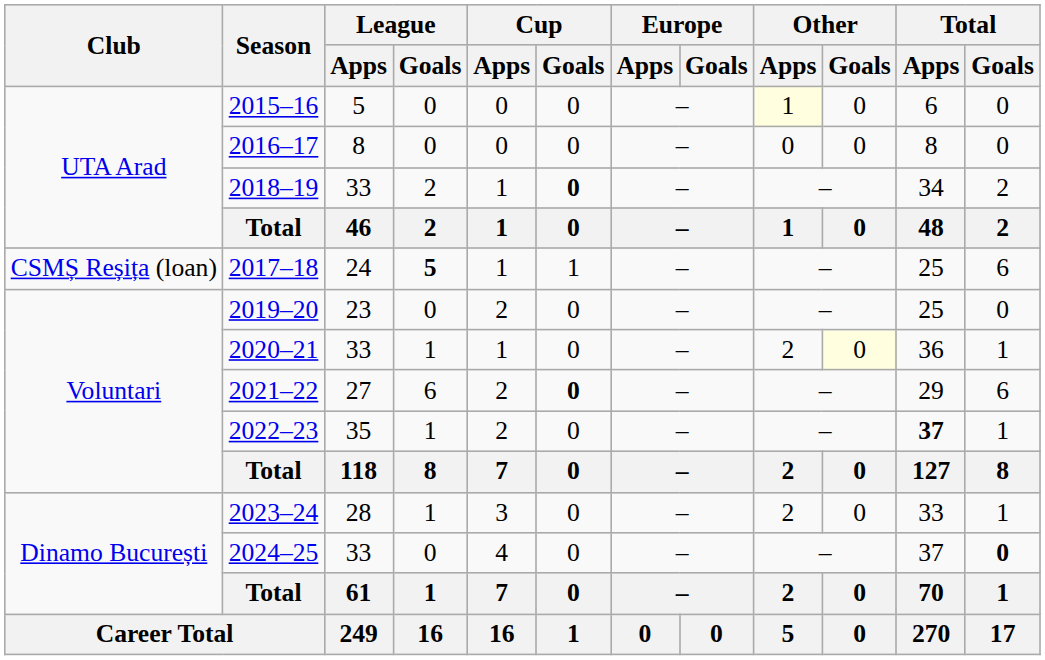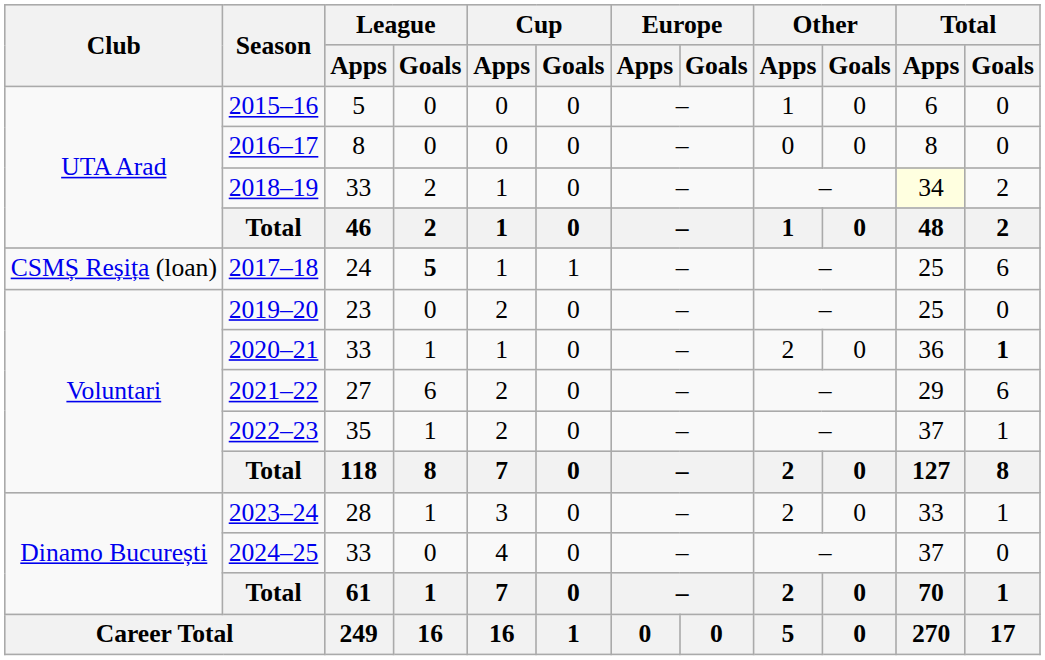 <table class="wikitable" style="text-align:center">
 <tr>
 <th rowspan="2">Club</th>
 <th rowspan="2">Season</th>
 <th colspan="2">League</th>
 <th colspan="2">Cup</th>
 <th colspan="2">Europe</th>
 <th colspan="2">Other</th>
 <th colspan="2">Total</th>
 </tr>
 <tr>
 <th>Apps</th>
 <th>Goals</th>
 <th>Apps</th>
 <th>Goals</th>
 <th>Apps</th>
 <th>Goals</th>
 <th>Apps</th>
 <th>Goals</th>
 <th>Apps</th>
 <th>Goals</th>
 </tr>
 <tr>
 <td rowspan="4"><a href='#'>UTA Arad</a></td>
 <td><a href='#'>2015–16</a></td>
 <td>5</td>
 <td>0</td>
 <td>0</td>
 <td>0</td>
 <td colspan="2">–</td>
-<td style="background: lightyellow;">1</td>
+<td>1</td>
 <td>0</td>
 <td>6</td>
 <td>0</td>
 </tr>
 <tr>
 <td><a href='#'>2016–17</a></td>
 <td>8</td>
 <td>0</td>
 <td>0</td>
 <td>0</td>
 <td colspan="2">–</td>
 <td>0</td>
 <td>0</td>
 <td>8</td>
 <td>0</td>
 </tr>
 <tr>
 <td><a href='#'>2018–19</a></td>
 <td>33</td>
 <td>2</td>
 <td>1</td>
-<td><strong>0</strong></td>
+<td>0</td>
 <td colspan="2">–</td>
 <td colspan="2">–</td>
-<td>34</td>
+<td style="background: lightyellow;">34</td>
 <td>2</td>
 </tr>
 <tr>
 <th>Total</th>
 <th>46</th>
 <th>2</th>
 <th>1</th>
 <th>0</th>
 <th colspan="2">–</th>
 <th>1</th>
 <th>0</th>
 <th>48</th>
 <th>2</th>
 </tr>
 <tr>
 <td rowspan="1"><a href='#'>CSMȘ Reșița</a> (loan)</td>
 <td><a href='#'>2017–18</a></td>
 <td>24</td>
 <td><strong>5</strong></td>
 <td>1</td>
 <td>1</td>
 <td colspan="2">–</td>
 <td colspan="2">–</td>
 <td>25</td>
 <td>6</td>
 </tr>
 <tr>
 <td rowspan="5"><a href='#'>Voluntari</a></td>
 <td><a href='#'>2019–20</a></td>
 <td>23</td>
 <td>0</td>
 <td>2</td>
 <td>0</td>
 <td colspan="2">–</td>
 <td colspan="2">–</td>
 <td>25</td>
 <td>0</td>
 </tr>
 <tr>
 <td><a href='#'>2020–21</a></td>
 <td>33</td>
 <td>1</td>
 <td>1</td>
 <td>0</td>
 <td colspan="2">–</td>
 <td>2</td>
-<td style="background: lightyellow;">0</td>
+<td>0</td>
 <td>36</td>
-<td>1</td>
+<td><strong>1</strong></td>
 </tr>
 <tr>
 <td><a href='#'>2021–22</a></td>
 <td>27</td>
 <td>6</td>
 <td>2</td>
-<td><strong>0</strong></td>
+<td>0</td>
 <td colspan="2">–</td>
 <td colspan="2">–</td>
 <td>29</td>
 <td>6</td>
 </tr>
 <tr>
 <td><a href='#'>2022–23</a></td>
 <td>35</td>
 <td>1</td>
 <td>2</td>
 <td>0</td>
 <td colspan="2">–</td>
 <td colspan="2">–</td>
-<td><strong>37</strong></td>
+<td>37</td>
 <td>1</td>
 </tr>
 <tr>
 <th>Total</th>
 <th>118</th>
 <th>8</th>
 <th>7</th>
 <th>0</th>
 <th colspan="2">–</th>
 <th>2</th>
 <th>0</th>
 <th>127</th>
 <th>8</th>
 </tr>
 <tr>
 <td rowspan="3"><a href='#'>Dinamo București</a></td>
 <td><a href='#'>2023–24</a></td>
 <td>28</td>
 <td>1</td>
 <td>3</td>
 <td>0</td>
 <td colspan="2">–</td>
 <td>2</td>
 <td>0</td>
 <td>33</td>
 <td>1</td>
 </tr>
 <tr>
 <td><a href='#'>2024–25</a></td>
 <td>33</td>
 <td>0</td>
 <td>4</td>
 <td>0</td>
 <td colspan="2">–</td>
 <td colspan="2">–</td>
 <td>37</td>
-<td><strong>0</strong></td>
+<td>0</td>
 </tr>
 <tr>
 <th>Total</th>
 <th>61</th>
 <th>1</th>
 <th>7</th>
 <th>0</th>
 <th colspan="2">–</th>
 <th>2</th>
 <th>0</th>
 <th>70</th>
 <th>1</th>
 </tr>
 <tr>
 <th colspan="2">Career Total</th>
 <th>249</th>
 <th>16</th>
 <th>16</th>
 <th>1</th>
 <th>0</th>
 <th>0</th>
 <th>5</th>
 <th>0</th>
 <th>270</th>
 <th>17</th>
 </tr>
 </table>
